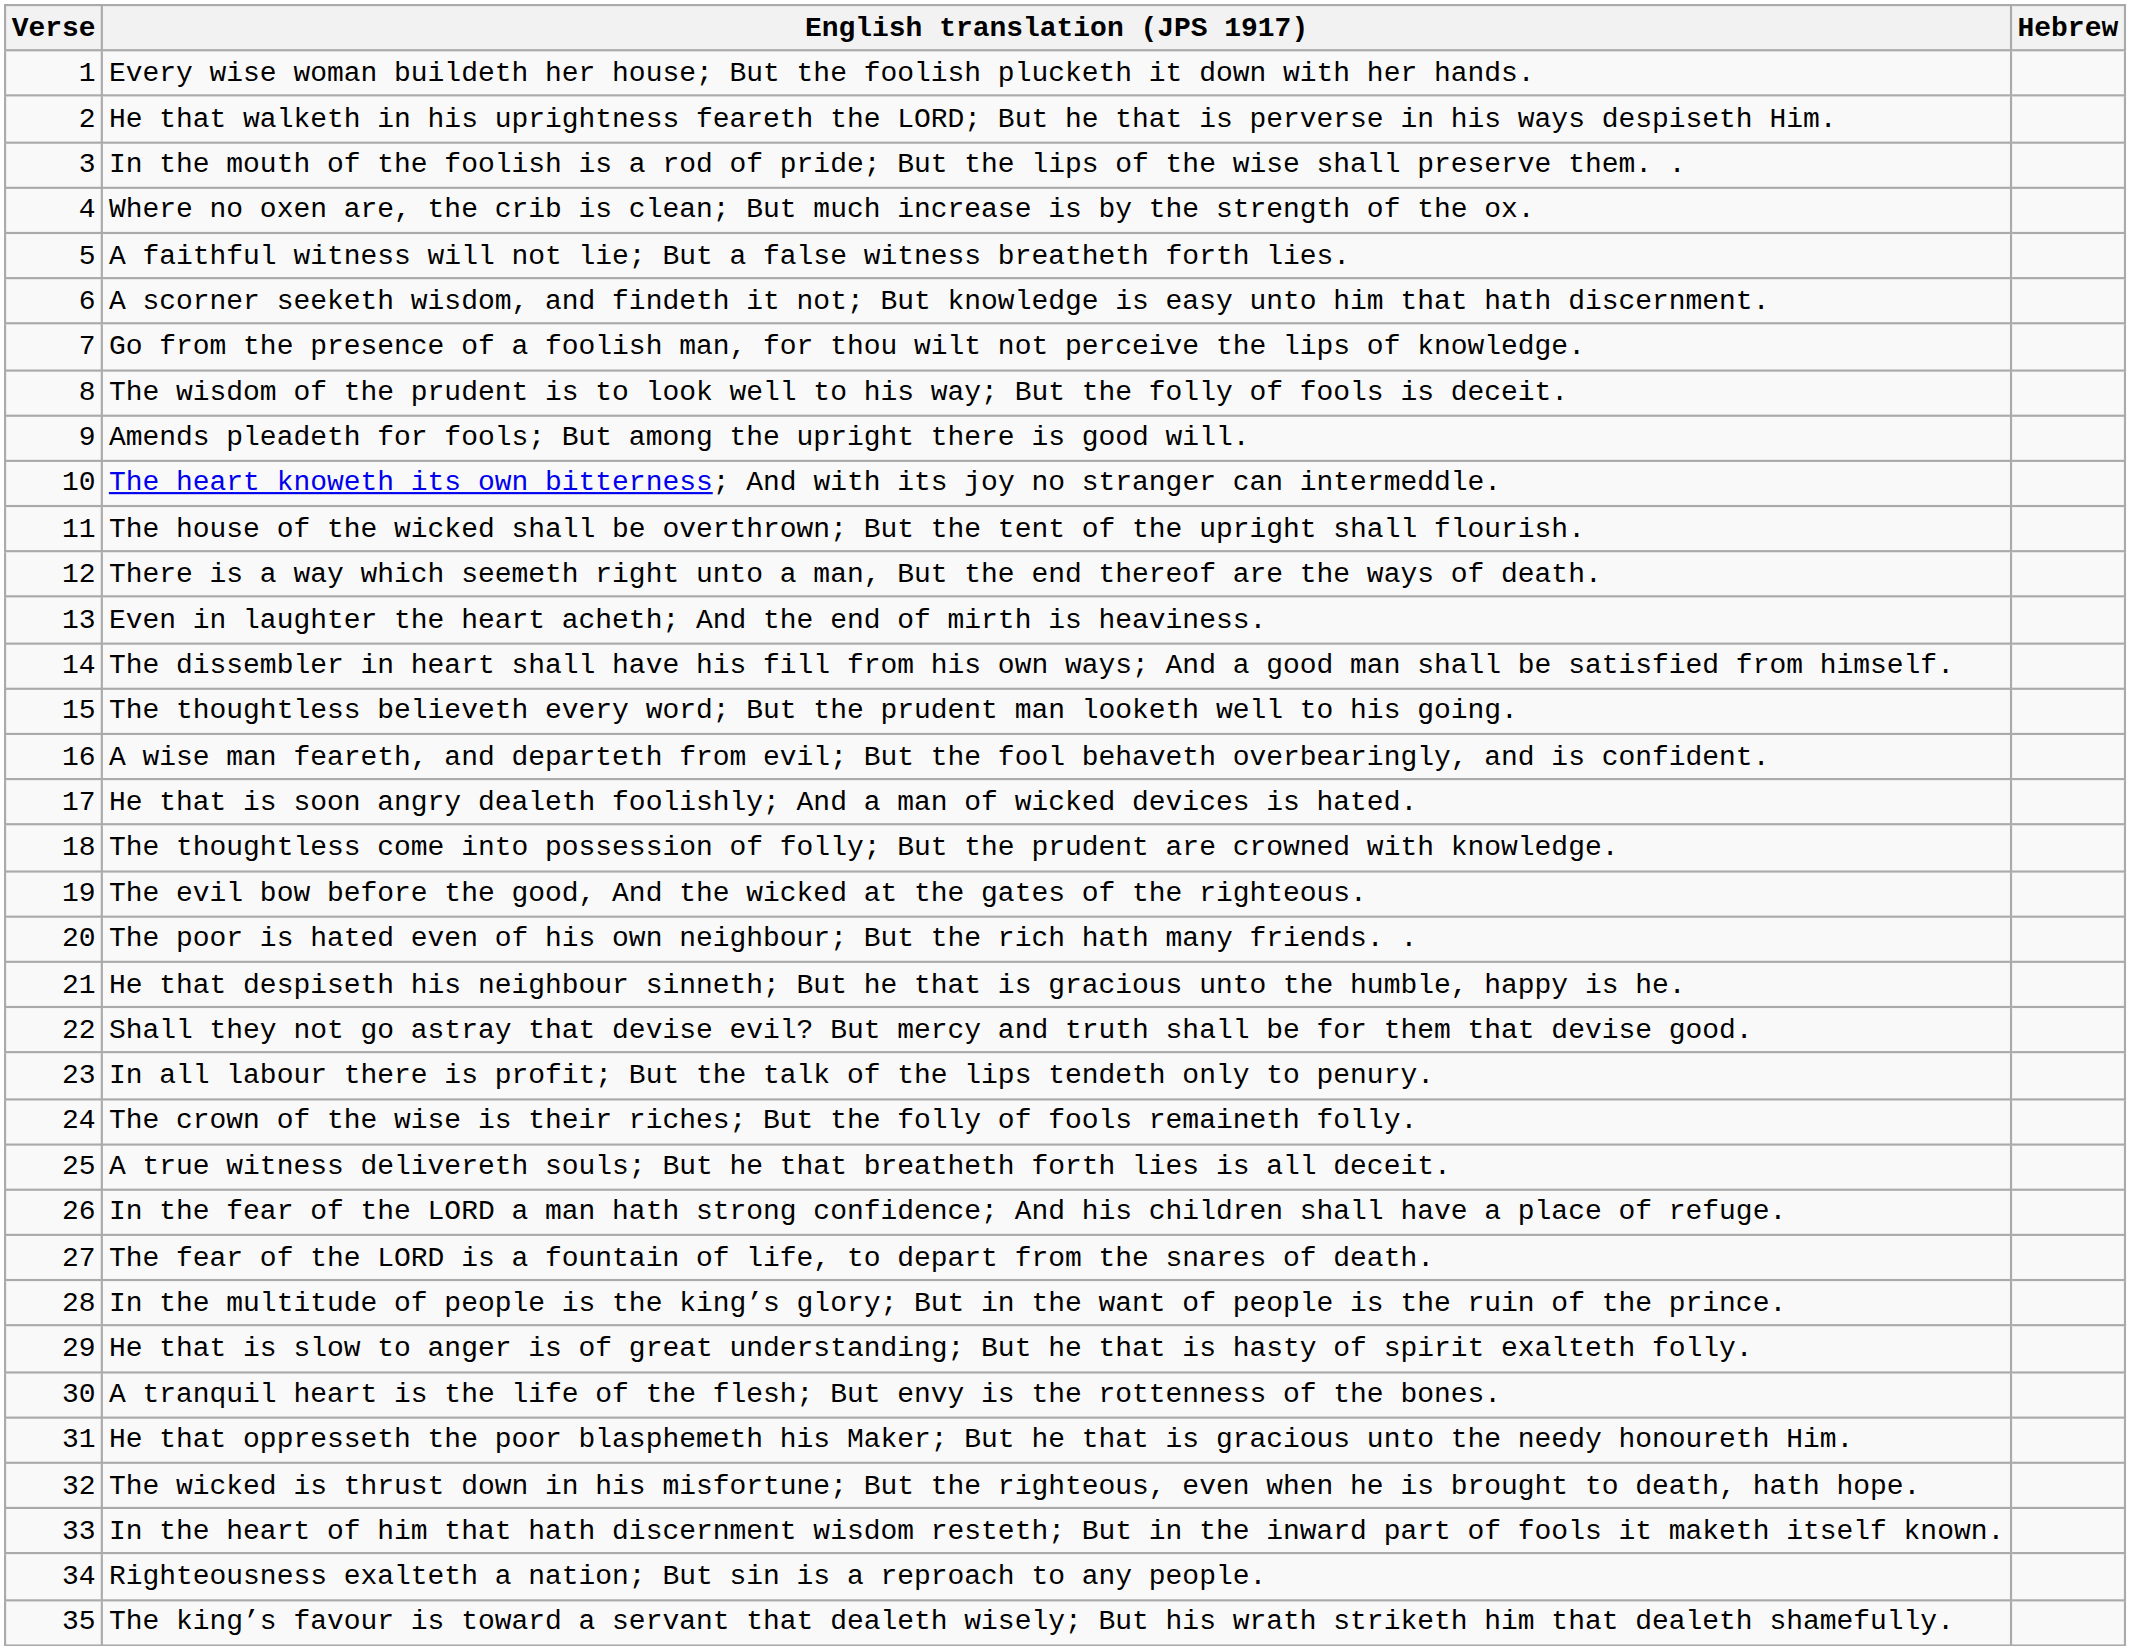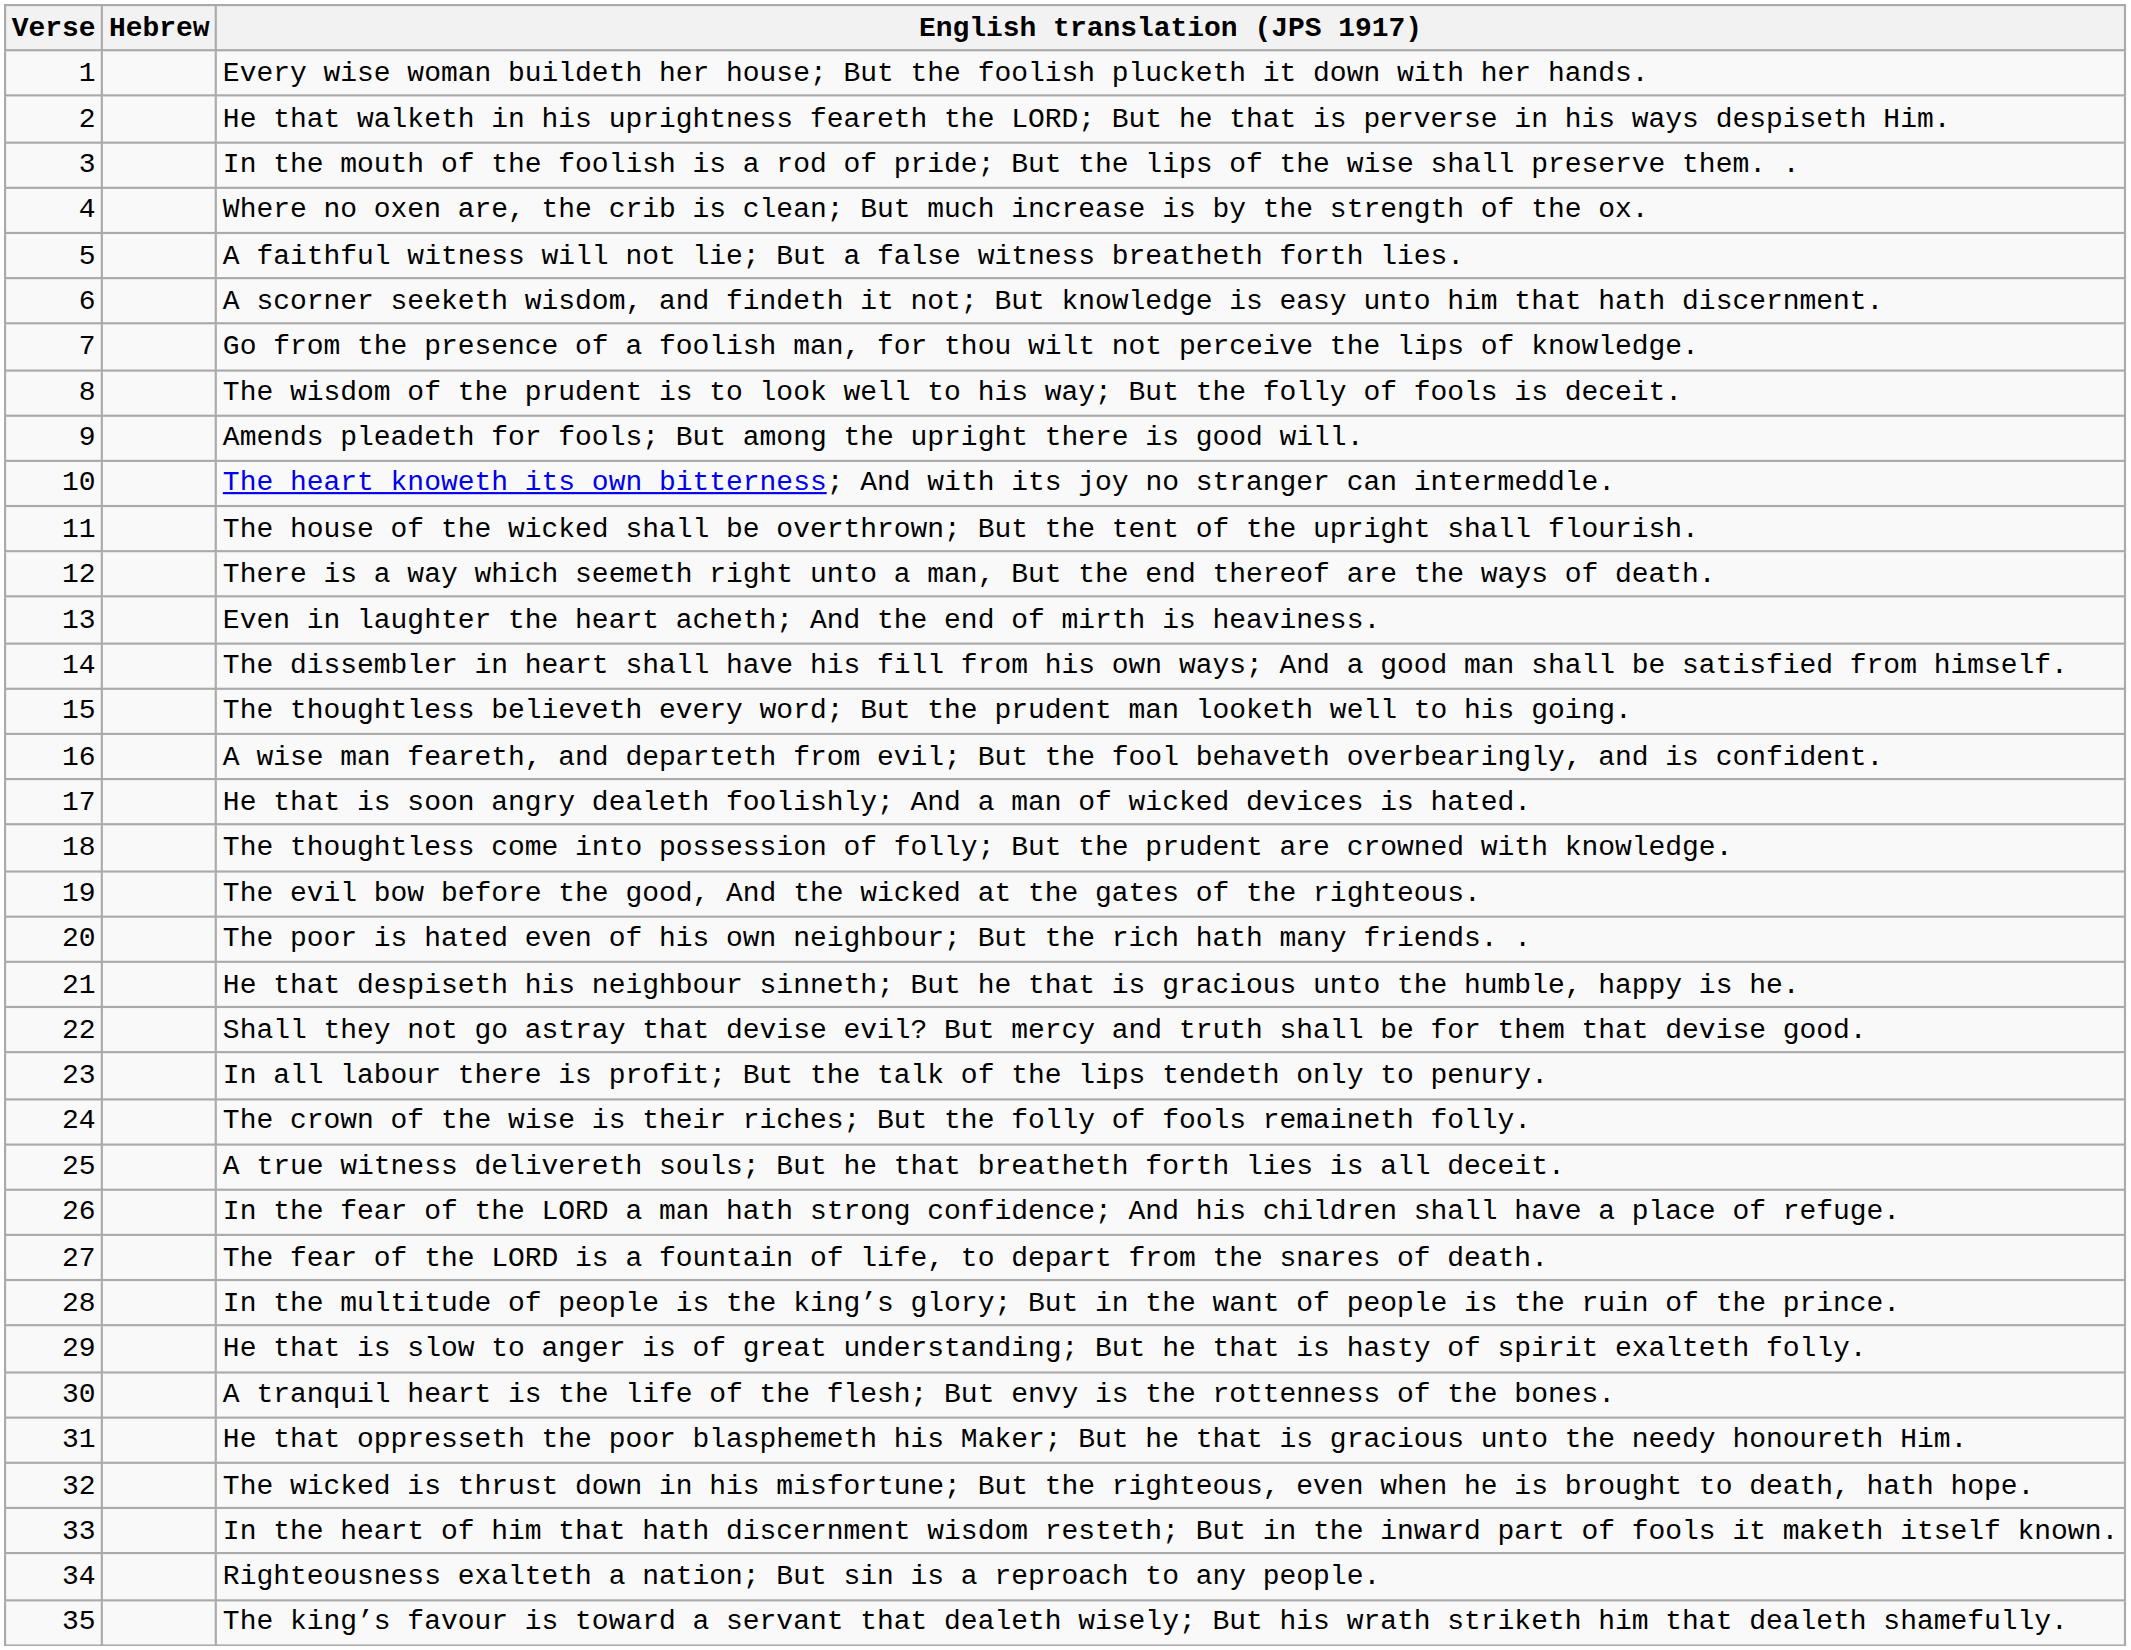 <table class="wikitable">
 <tr>
 <th>Verse</th>
+<th>Hebrew</th>
 <th>English translation (JPS 1917)</th>
-<th>Hebrew</th>
 </tr>
 <tr>
 <td style="text-align:right">1</td>
+<td style="text-align:right"></td>
 <td>Every wise woman buildeth her house; But the foolish plucketh it down with her hands.</td>
-<td style="text-align:right"></td>
 </tr>
 <tr>
 <td style="text-align:right">2</td>
+<td style="text-align:right"></td>
 <td>He that walketh in his uprightness feareth the LORD; But he that is perverse in his ways despiseth Him.</td>
-<td style="text-align:right"></td>
 </tr>
 <tr>
 <td style="text-align:right">3</td>
+<td style="text-align:right"></td>
 <td>In the mouth of the foolish is a rod of pride; But the lips of the wise shall preserve them. .</td>
-<td style="text-align:right"></td>
 </tr>
 <tr>
 <td style="text-align:right">4</td>
+<td style="text-align:right"></td>
 <td>Where no oxen are, the crib is clean; But much increase is by the strength of the ox.</td>
-<td style="text-align:right"></td>
 </tr>
 <tr>
 <td style="text-align:right">5</td>
+<td style="text-align:right"></td>
 <td>A faithful witness will not lie; But a false witness breatheth forth lies.</td>
-<td style="text-align:right"></td>
 </tr>
 <tr>
 <td style="text-align:right">6</td>
+<td style="text-align:right"></td>
 <td>A scorner seeketh wisdom, and findeth it not; But knowledge is easy unto him that hath discernment.</td>
-<td style="text-align:right"></td>
 </tr>
 <tr>
 <td style="text-align:right">7</td>
+<td style="text-align:right"></td>
 <td>Go from the presence of a foolish man, for thou wilt not perceive the lips of knowledge.</td>
-<td style="text-align:right"></td>
 </tr>
 <tr>
 <td style="text-align:right">8</td>
+<td style="text-align:right"></td>
 <td>The wisdom of the prudent is to look well to his way; But the folly of fools is deceit.</td>
-<td style="text-align:right"></td>
 </tr>
 <tr>
 <td style="text-align:right">9</td>
+<td style="text-align:right"></td>
 <td>Amends pleadeth for fools; But among the upright there is good will.</td>
-<td style="text-align:right"></td>
 </tr>
 <tr>
 <td style="text-align:right">10</td>
+<td style="text-align:right"></td>
 <td><a href='#'>The heart knoweth its own bitterness</a>; And with its joy no stranger can intermeddle.</td>
-<td style="text-align:right"></td>
 </tr>
 <tr>
 <td style="text-align:right">11</td>
+<td style="text-align:right"></td>
 <td>The house of the wicked shall be overthrown; But the tent of the upright shall flourish.</td>
-<td style="text-align:right"></td>
 </tr>
 <tr>
 <td style="text-align:right">12</td>
+<td style="text-align:right"></td>
 <td>There is a way which seemeth right unto a man, But the end thereof are the ways of death.</td>
-<td style="text-align:right"></td>
 </tr>
 <tr>
 <td style="text-align:right">13</td>
+<td style="text-align:right"></td>
 <td>Even in laughter the heart acheth; And the end of mirth is heaviness.</td>
-<td style="text-align:right"></td>
 </tr>
 <tr>
 <td style="text-align:right">14</td>
+<td style="text-align:right"></td>
 <td>The dissembler in heart shall have his fill from his own ways; And a good man shall be satisfied from himself.</td>
-<td style="text-align:right"></td>
 </tr>
 <tr>
 <td style="text-align:right">15</td>
+<td style="text-align:right"></td>
 <td>The thoughtless believeth every word; But the prudent man looketh well to his going.</td>
-<td style="text-align:right"></td>
 </tr>
 <tr>
 <td style="text-align:right">16</td>
+<td style="text-align:right"></td>
 <td>A wise man feareth, and departeth from evil; But the fool behaveth overbearingly, and is confident.</td>
-<td style="text-align:right"></td>
 </tr>
 <tr>
 <td style="text-align:right">17</td>
+<td style="text-align:right"></td>
 <td>He that is soon angry dealeth foolishly; And a man of wicked devices is hated.</td>
-<td style="text-align:right"></td>
 </tr>
 <tr>
 <td style="text-align:right">18</td>
+<td style="text-align:right"></td>
 <td>The thoughtless come into possession of folly; But the prudent are crowned with knowledge.</td>
-<td style="text-align:right"></td>
 </tr>
 <tr>
 <td style="text-align:right">19</td>
+<td style="text-align:right"></td>
 <td>The evil bow before the good, And the wicked at the gates of the righteous.</td>
-<td style="text-align:right"></td>
 </tr>
 <tr>
 <td style="text-align:right">20</td>
+<td style="text-align:right"></td>
 <td>The poor is hated even of his own neighbour; But the rich hath many friends. .</td>
-<td style="text-align:right"></td>
 </tr>
 <tr>
 <td style="text-align:right">21</td>
+<td style="text-align:right"></td>
 <td>He that despiseth his neighbour sinneth; But he that is gracious unto the humble, happy is he.</td>
-<td style="text-align:right"></td>
 </tr>
 <tr>
 <td style="text-align:right">22</td>
+<td style="text-align:right"></td>
 <td>Shall they not go astray that devise evil? But mercy and truth shall be for them that devise good.</td>
-<td style="text-align:right"></td>
 </tr>
 <tr>
 <td style="text-align:right">23</td>
+<td style="text-align:right"></td>
 <td>In all labour there is profit; But the talk of the lips tendeth only to penury.</td>
-<td style="text-align:right"></td>
 </tr>
 <tr>
 <td style="text-align:right">24</td>
+<td style="text-align:right"></td>
 <td>The crown of the wise is their riches; But the folly of fools remaineth folly.</td>
-<td style="text-align:right"></td>
 </tr>
 <tr>
 <td style="text-align:right">25</td>
+<td style="text-align:right"></td>
 <td>A true witness delivereth souls; But he that breatheth forth lies is all deceit.</td>
-<td style="text-align:right"></td>
 </tr>
 <tr>
 <td style="text-align:right">26</td>
+<td style="text-align:right"></td>
 <td>In the fear of the LORD a man hath strong confidence; And his children shall have a place of refuge.</td>
-<td style="text-align:right"></td>
 </tr>
 <tr>
 <td style="text-align:right">27</td>
+<td style="text-align:right"></td>
 <td>The fear of the LORD is a fountain of life, to depart from the snares of death.</td>
-<td style="text-align:right"></td>
 </tr>
 <tr>
 <td style="text-align:right">28</td>
+<td style="text-align:right"></td>
 <td>In the multitude of people is the king’s glory; But in the want of people is the ruin of the prince.</td>
-<td style="text-align:right"></td>
 </tr>
 <tr>
 <td style="text-align:right">29</td>
+<td style="text-align:right"></td>
 <td>He that is slow to anger is of great understanding; But he that is hasty of spirit exalteth folly.</td>
-<td style="text-align:right"></td>
 </tr>
 <tr>
 <td style="text-align:right">30</td>
+<td style="text-align:right"></td>
 <td>A tranquil heart is the life of the flesh; But envy is the rottenness of the bones.</td>
-<td style="text-align:right"></td>
 </tr>
 <tr>
 <td style="text-align:right">31</td>
+<td style="text-align:right"></td>
 <td>He that oppresseth the poor blasphemeth his Maker; But he that is gracious unto the needy honoureth Him.</td>
-<td style="text-align:right"></td>
 </tr>
 <tr>
 <td style="text-align:right">32</td>
+<td style="text-align:right"></td>
 <td>The wicked is thrust down in his misfortune; But the righteous, even when he is brought to death, hath hope.</td>
-<td style="text-align:right"></td>
 </tr>
 <tr>
 <td style="text-align:right">33</td>
+<td style="text-align:right"></td>
 <td>In the heart of him that hath discernment wisdom resteth; But in the inward part of fools it maketh itself known.</td>
-<td style="text-align:right"></td>
 </tr>
 <tr>
 <td style="text-align:right">34</td>
+<td style="text-align:right"></td>
 <td>Righteousness exalteth a nation; But sin is a reproach to any people.</td>
-<td style="text-align:right"></td>
 </tr>
 <tr>
 <td style="text-align:right">35</td>
+<td style="text-align:right"></td>
 <td>The king’s favour is toward a servant that dealeth wisely; But his wrath striketh him that dealeth shamefully.</td>
-<td style="text-align:right"></td>
 </tr>
 </table>
